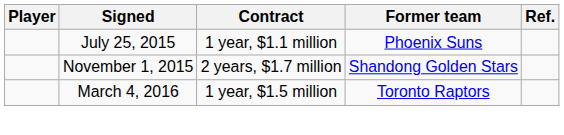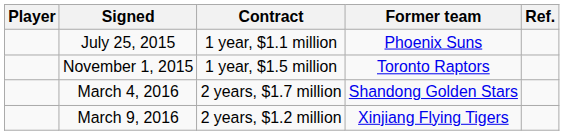 <table class="wikitable sortable sortable" style="text-align: center;">
 <tr>
 <th>Player</th>
 <th>Signed</th>
 <th>Contract</th>
 <th>Former team</th>
 <th>Ref.</th>
 </tr>
 <tr>
 <td></td>
 <td>July 25, 2015</td>
 <td>1 year, $1.1 million</td>
 <td><a href='#'>Phoenix Suns</a></td>
 <td></td>
 </tr>
 <tr>
 <td></td>
 <td>November 1, 2015</td>
+<td>1 year, $1.5 million</td>
+<td><a href='#'>Toronto Raptors</a></td>
+<td></td>
+</tr>
+<tr>
+<td></td>
+<td>March 4, 2016</td>
 <td>2 years, $1.7 million</td>
 <td> <a href='#'>Shandong Golden Stars</a></td>
 <td></td>
 </tr>
 <tr>
 <td></td>
-<td>March 4, 2016</td>
-<td>1 year, $1.5 million</td>
-<td><a href='#'>Toronto Raptors</a></td>
+<td>March 9, 2016</td>
+<td>2 years, $1.2 million</td>
+<td> <a href='#'>Xinjiang Flying Tigers</a></td>
 <td></td>
 </tr>
 </table>
